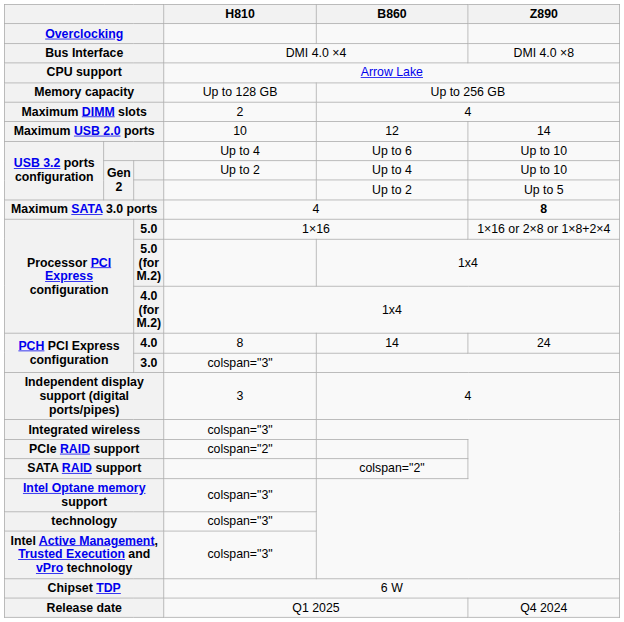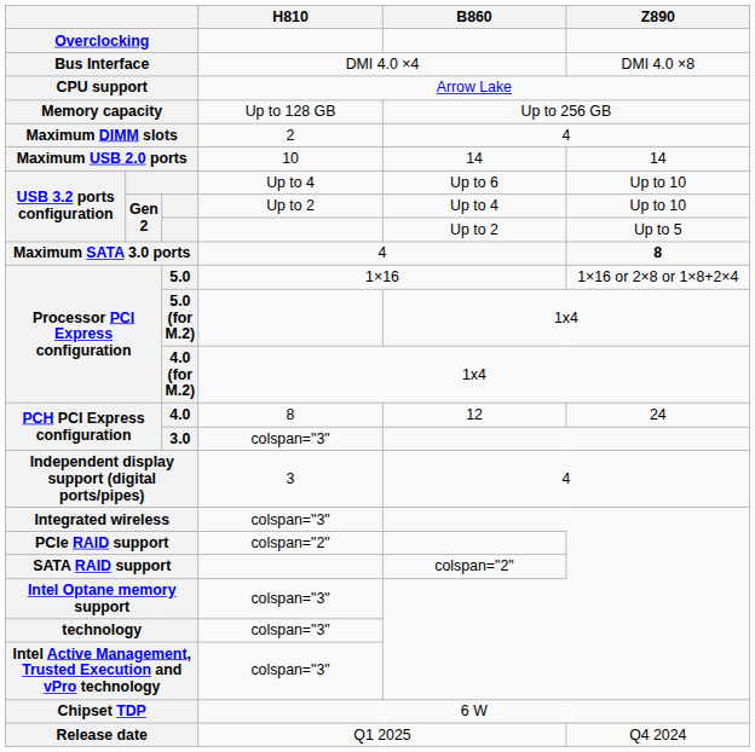 <table class="wikitable sticky-header" style="text-align: center; max-width: 50em;">
 <tr>
 <th colspan="3" scope="col" width="25%"></th>
 <th scope="col" width="25%">H810</th>
 <th scope="col" width="25%">B860</th>
 <th scope="col" width="25%">Z890</th>
 </tr>
 <tr>
 <th colspan="3"><a href='#'>Overclocking</a></th>
 <td></td>
 <td></td>
 <td></td>
 </tr>
 <tr>
 <th colspan="3">Bus Interface</th>
 <td colspan="2">DMI 4.0 ×4</td>
 <td>DMI 4.0 ×8</td>
 </tr>
 <tr>
 <th colspan="3">CPU support</th>
 <td colspan="3"><a href='#'>Arrow Lake</a></td>
 </tr>
 <tr>
 <th colspan="3">Memory capacity</th>
 <td>Up to 128 GB</td>
 <td colspan="2">Up to 256 GB</td>
 </tr>
 <tr>
 <th colspan="3">Maximum <a href='#'>DIMM</a> slots</th>
 <td>2</td>
 <td colspan="2">4</td>
 </tr>
 <tr>
 <th colspan="3">Maximum <a href='#'>USB 2.0</a> ports</th>
 <td>10</td>
-<td>12</td>
+<td>14</td>
 <td>14</td>
 </tr>
 <tr>
 <th rowspan="3"><a href='#'>USB 3.2</a> ports configuration</th>
 <th colspan="2"></th>
 <td>Up to 4</td>
 <td>Up to 6</td>
 <td>Up to 10</td>
 </tr>
 <tr>
 <th rowspan="2">Gen 2</th>
 <th></th>
 <td>Up to 2</td>
 <td>Up to 4</td>
 <td>Up to 10</td>
 </tr>
 <tr>
 <th></th>
 <td></td>
 <td>Up to 2</td>
 <td>Up to 5</td>
 </tr>
 <tr>
 <th colspan="3">Maximum <a href='#'>SATA</a> 3.0 ports</th>
 <td colspan="2">4</td>
 <td><strong>8</strong></td>
 </tr>
 <tr>
 <th rowspan="3" colspan="2">Processor <a href='#'>PCI Express</a> configuration</th>
 <th>5.0</th>
 <td colspan="2">1×16</td>
 <td>1×16 or 2×8 or 1×8+2×4</td>
 </tr>
 <tr>
 <th>5.0<br>(for M.2)</th>
 <td></td>
 <td colspan="2">1x4</td>
 </tr>
 <tr>
 <th>4.0<br>(for M.2)</th>
 <td colspan="3">1x4</td>
 </tr>
 <tr>
 <th rowspan="2" colspan="2"><a href='#'>PCH</a> PCI Express configuration</th>
 <th>4.0</th>
 <td>8</td>
-<td>14</td>
+<td>12</td>
 <td>24</td>
 </tr>
 <tr>
 <th>3.0</th>
 <td>colspan="3" </td>
 </tr>
 <tr>
 <th colspan="3">Independent display support (digital ports/pipes)</th>
 <td>3</td>
 <td colspan="2">4</td>
 </tr>
 <tr>
 <th colspan="3">Integrated wireless</th>
 <td>colspan="3" </td>
 </tr>
 <tr>
 <th colspan="3">PCIe <a href='#'>RAID</a> support</th>
 <td>colspan="2" </td>
 <td></td>
 </tr>
 <tr>
 <th colspan="3">SATA <a href='#'>RAID</a> support</th>
 <td></td>
 <td>colspan="2" </td>
 </tr>
 <tr>
 <th colspan="3"><a href='#'>Intel Optane memory</a> support</th>
 <td>colspan="3" </td>
 </tr>
 <tr>
 <th colspan="3"> technology</th>
 <td>colspan="3" </td>
 </tr>
 <tr>
 <th colspan="3">Intel <a href='#'>Active Management</a>, <a href='#'>Trusted Execution</a> and <a href='#'>vPro</a> technology</th>
 <td>colspan="3" </td>
 </tr>
 <tr>
 <th colspan="3">Chipset <a href='#'>TDP</a></th>
 <td colspan="3">6 W</td>
 </tr>
 <tr>
 <th colspan="3">Release date</th>
 <td colspan="2">Q1 2025</td>
 <td>Q4 2024</td>
 </tr>
 </table>
